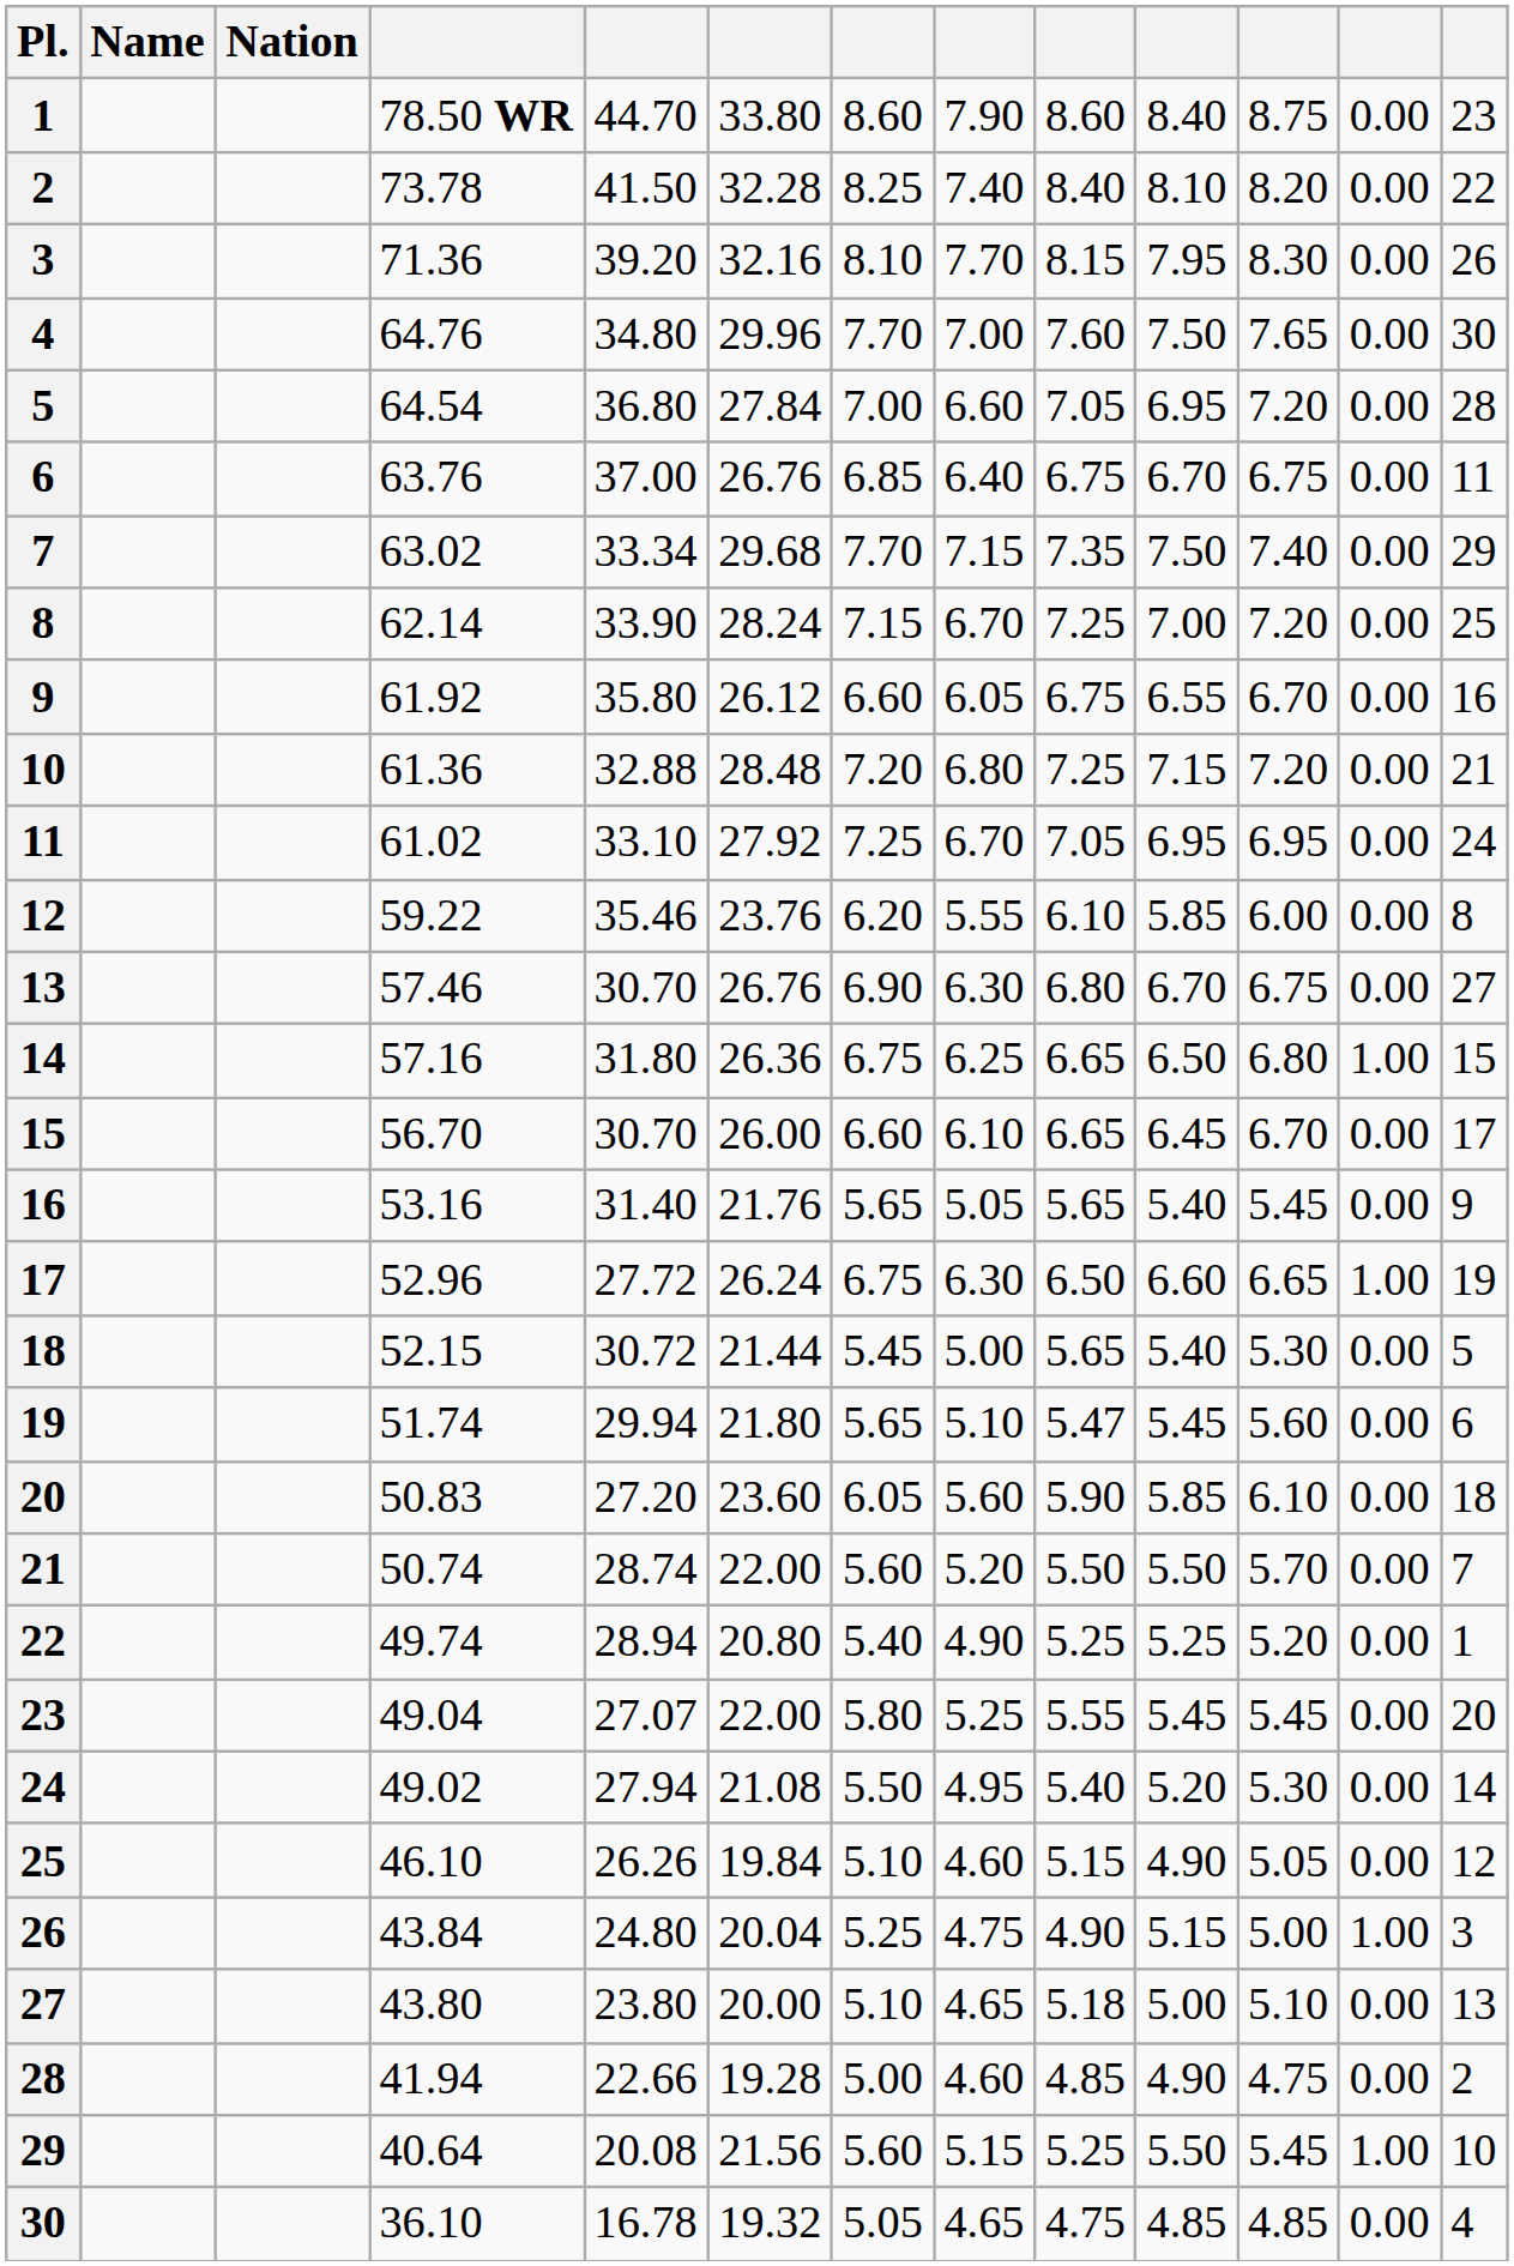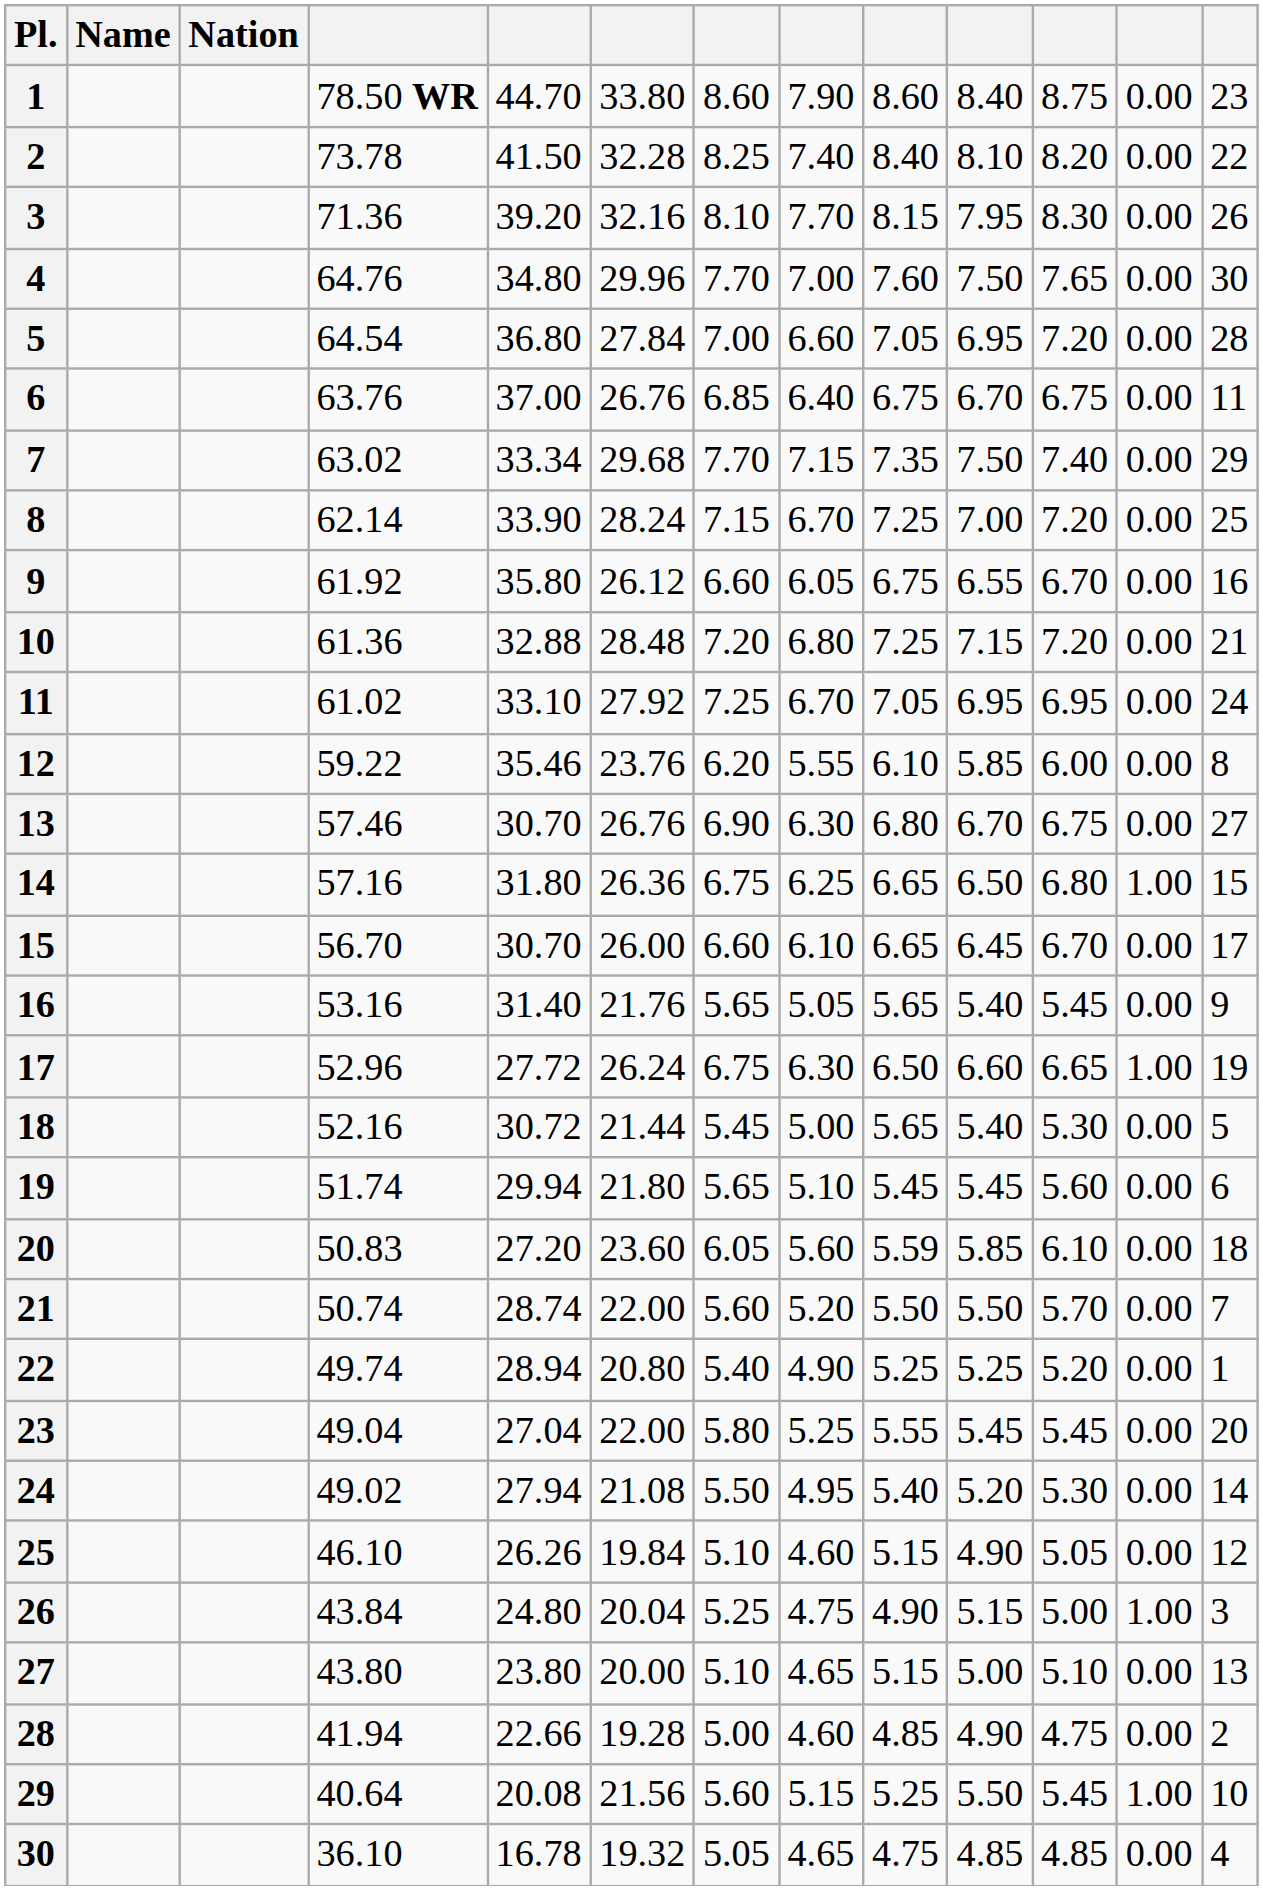 <table class="wikitable sortable">
 <tr>
 <th>Pl.</th>
 <th>Name</th>
 <th>Nation</th>
 <th></th>
 <th></th>
 <th></th>
 <th></th>
 <th></th>
 <th></th>
 <th></th>
 <th></th>
 <th></th>
 <th></th>
 </tr>
 <tr>
 <th>1</th>
 <td></td>
 <td></td>
 <td>78.50 <strong>WR</strong></td>
 <td>44.70</td>
 <td>33.80</td>
 <td>8.60</td>
 <td>7.90</td>
 <td>8.60</td>
 <td>8.40</td>
 <td>8.75</td>
 <td>0.00</td>
 <td>23</td>
 </tr>
 <tr>
 <th>2</th>
 <td></td>
 <td></td>
 <td>73.78</td>
 <td>41.50</td>
 <td>32.28</td>
 <td>8.25</td>
 <td>7.40</td>
 <td>8.40</td>
 <td>8.10</td>
 <td>8.20</td>
 <td>0.00</td>
 <td>22</td>
 </tr>
 <tr>
 <th>3</th>
 <td></td>
 <td></td>
 <td>71.36</td>
 <td>39.20</td>
 <td>32.16</td>
 <td>8.10</td>
 <td>7.70</td>
 <td>8.15</td>
 <td>7.95</td>
 <td>8.30</td>
 <td>0.00</td>
 <td>26</td>
 </tr>
 <tr>
 <th>4</th>
 <td></td>
 <td></td>
 <td>64.76</td>
 <td>34.80</td>
 <td>29.96</td>
 <td>7.70</td>
 <td>7.00</td>
 <td>7.60</td>
 <td>7.50</td>
 <td>7.65</td>
 <td>0.00</td>
 <td>30</td>
 </tr>
 <tr>
 <th>5</th>
 <td></td>
 <td></td>
 <td>64.54</td>
 <td>36.80</td>
 <td>27.84</td>
 <td>7.00</td>
 <td>6.60</td>
 <td>7.05</td>
 <td>6.95</td>
 <td>7.20</td>
 <td>0.00</td>
 <td>28</td>
 </tr>
 <tr>
 <th>6</th>
 <td></td>
 <td></td>
 <td>63.76</td>
 <td>37.00</td>
 <td>26.76</td>
 <td>6.85</td>
 <td>6.40</td>
 <td>6.75</td>
 <td>6.70</td>
 <td>6.75</td>
 <td>0.00</td>
 <td>11</td>
 </tr>
 <tr>
 <th>7</th>
 <td></td>
 <td></td>
 <td>63.02</td>
 <td>33.34</td>
 <td>29.68</td>
 <td>7.70</td>
 <td>7.15</td>
 <td>7.35</td>
 <td>7.50</td>
 <td>7.40</td>
 <td>0.00</td>
 <td>29</td>
 </tr>
 <tr>
 <th>8</th>
 <td></td>
 <td></td>
 <td>62.14</td>
 <td>33.90</td>
 <td>28.24</td>
 <td>7.15</td>
 <td>6.70</td>
 <td>7.25</td>
 <td>7.00</td>
 <td>7.20</td>
 <td>0.00</td>
 <td>25</td>
 </tr>
 <tr>
 <th>9</th>
 <td></td>
 <td></td>
 <td>61.92</td>
 <td>35.80</td>
 <td>26.12</td>
 <td>6.60</td>
 <td>6.05</td>
 <td>6.75</td>
 <td>6.55</td>
 <td>6.70</td>
 <td>0.00</td>
 <td>16</td>
 </tr>
 <tr>
 <th>10</th>
 <td></td>
 <td></td>
 <td>61.36</td>
 <td>32.88</td>
 <td>28.48</td>
 <td>7.20</td>
 <td>6.80</td>
 <td>7.25</td>
 <td>7.15</td>
 <td>7.20</td>
 <td>0.00</td>
 <td>21</td>
 </tr>
 <tr>
 <th>11</th>
 <td></td>
 <td></td>
 <td>61.02</td>
 <td>33.10</td>
 <td>27.92</td>
 <td>7.25</td>
 <td>6.70</td>
 <td>7.05</td>
 <td>6.95</td>
 <td>6.95</td>
 <td>0.00</td>
 <td>24</td>
 </tr>
 <tr>
 <th>12</th>
 <td></td>
 <td></td>
 <td>59.22</td>
 <td>35.46</td>
 <td>23.76</td>
 <td>6.20</td>
 <td>5.55</td>
 <td>6.10</td>
 <td>5.85</td>
 <td>6.00</td>
 <td>0.00</td>
 <td>8</td>
 </tr>
 <tr>
 <th>13</th>
 <td></td>
 <td></td>
 <td>57.46</td>
 <td>30.70</td>
 <td>26.76</td>
 <td>6.90</td>
 <td>6.30</td>
 <td>6.80</td>
 <td>6.70</td>
 <td>6.75</td>
 <td>0.00</td>
 <td>27</td>
 </tr>
 <tr>
 <th>14</th>
 <td></td>
 <td></td>
 <td>57.16</td>
 <td>31.80</td>
 <td>26.36</td>
 <td>6.75</td>
 <td>6.25</td>
 <td>6.65</td>
 <td>6.50</td>
 <td>6.80</td>
 <td>1.00</td>
 <td>15</td>
 </tr>
 <tr>
 <th>15</th>
 <td></td>
 <td></td>
 <td>56.70</td>
 <td>30.70</td>
 <td>26.00</td>
 <td>6.60</td>
 <td>6.10</td>
 <td>6.65</td>
 <td>6.45</td>
 <td>6.70</td>
 <td>0.00</td>
 <td>17</td>
 </tr>
 <tr>
 <th>16</th>
 <td></td>
 <td></td>
 <td>53.16</td>
 <td>31.40</td>
 <td>21.76</td>
 <td>5.65</td>
 <td>5.05</td>
 <td>5.65</td>
 <td>5.40</td>
 <td>5.45</td>
 <td>0.00</td>
 <td>9</td>
 </tr>
 <tr>
 <th>17</th>
 <td></td>
 <td></td>
 <td>52.96</td>
 <td>27.72</td>
 <td>26.24</td>
 <td>6.75</td>
 <td>6.30</td>
 <td>6.50</td>
 <td>6.60</td>
 <td>6.65</td>
 <td>1.00</td>
 <td>19</td>
 </tr>
 <tr>
 <th>18</th>
 <td></td>
 <td></td>
-<td>52.15</td>
+<td>52.16</td>
 <td>30.72</td>
 <td>21.44</td>
 <td>5.45</td>
 <td>5.00</td>
 <td>5.65</td>
 <td>5.40</td>
 <td>5.30</td>
 <td>0.00</td>
 <td>5</td>
 </tr>
 <tr>
 <th>19</th>
 <td></td>
 <td></td>
 <td>51.74</td>
 <td>29.94</td>
 <td>21.80</td>
 <td>5.65</td>
 <td>5.10</td>
-<td>5.47</td>
+<td>5.45</td>
 <td>5.45</td>
 <td>5.60</td>
 <td>0.00</td>
 <td>6</td>
 </tr>
 <tr>
 <th>20</th>
 <td></td>
 <td></td>
 <td>50.83</td>
 <td>27.20</td>
 <td>23.60</td>
 <td>6.05</td>
 <td>5.60</td>
-<td>5.90</td>
+<td>5.59</td>
 <td>5.85</td>
 <td>6.10</td>
 <td>0.00</td>
 <td>18</td>
 </tr>
 <tr>
 <th>21</th>
 <td></td>
 <td></td>
 <td>50.74</td>
 <td>28.74</td>
 <td>22.00</td>
 <td>5.60</td>
 <td>5.20</td>
 <td>5.50</td>
 <td>5.50</td>
 <td>5.70</td>
 <td>0.00</td>
 <td>7</td>
 </tr>
 <tr>
 <th>22</th>
 <td></td>
 <td></td>
 <td>49.74</td>
 <td>28.94</td>
 <td>20.80</td>
 <td>5.40</td>
 <td>4.90</td>
 <td>5.25</td>
 <td>5.25</td>
 <td>5.20</td>
 <td>0.00</td>
 <td>1</td>
 </tr>
 <tr>
 <th>23</th>
 <td></td>
 <td></td>
 <td>49.04</td>
-<td>27.07</td>
+<td>27.04</td>
 <td>22.00</td>
 <td>5.80</td>
 <td>5.25</td>
 <td>5.55</td>
 <td>5.45</td>
 <td>5.45</td>
 <td>0.00</td>
 <td>20</td>
 </tr>
 <tr>
 <th>24</th>
 <td></td>
 <td></td>
 <td>49.02</td>
 <td>27.94</td>
 <td>21.08</td>
 <td>5.50</td>
 <td>4.95</td>
 <td>5.40</td>
 <td>5.20</td>
 <td>5.30</td>
 <td>0.00</td>
 <td>14</td>
 </tr>
 <tr>
 <th>25</th>
 <td></td>
 <td></td>
 <td>46.10</td>
 <td>26.26</td>
 <td>19.84</td>
 <td>5.10</td>
 <td>4.60</td>
 <td>5.15</td>
 <td>4.90</td>
 <td>5.05</td>
 <td>0.00</td>
 <td>12</td>
 </tr>
 <tr>
 <th>26</th>
 <td></td>
 <td></td>
 <td>43.84</td>
 <td>24.80</td>
 <td>20.04</td>
 <td>5.25</td>
 <td>4.75</td>
 <td>4.90</td>
 <td>5.15</td>
 <td>5.00</td>
 <td>1.00</td>
 <td>3</td>
 </tr>
 <tr>
 <th>27</th>
 <td></td>
 <td></td>
 <td>43.80</td>
 <td>23.80</td>
 <td>20.00</td>
 <td>5.10</td>
 <td>4.65</td>
-<td>5.18</td>
+<td>5.15</td>
 <td>5.00</td>
 <td>5.10</td>
 <td>0.00</td>
 <td>13</td>
 </tr>
 <tr>
 <th>28</th>
 <td></td>
 <td></td>
 <td>41.94</td>
 <td>22.66</td>
 <td>19.28</td>
 <td>5.00</td>
 <td>4.60</td>
 <td>4.85</td>
 <td>4.90</td>
 <td>4.75</td>
 <td>0.00</td>
 <td>2</td>
 </tr>
 <tr>
 <th>29</th>
 <td></td>
 <td></td>
 <td>40.64</td>
 <td>20.08</td>
 <td>21.56</td>
 <td>5.60</td>
 <td>5.15</td>
 <td>5.25</td>
 <td>5.50</td>
 <td>5.45</td>
 <td>1.00</td>
 <td>10</td>
 </tr>
 <tr>
 <th>30</th>
 <td></td>
 <td></td>
 <td>36.10</td>
 <td>16.78</td>
 <td>19.32</td>
 <td>5.05</td>
 <td>4.65</td>
 <td>4.75</td>
 <td>4.85</td>
 <td>4.85</td>
 <td>0.00</td>
 <td>4</td>
 </tr>
 </table>
